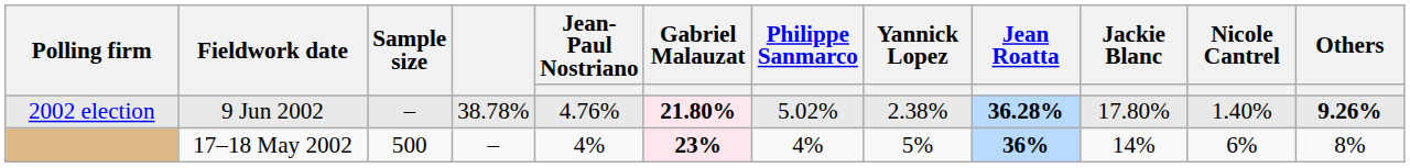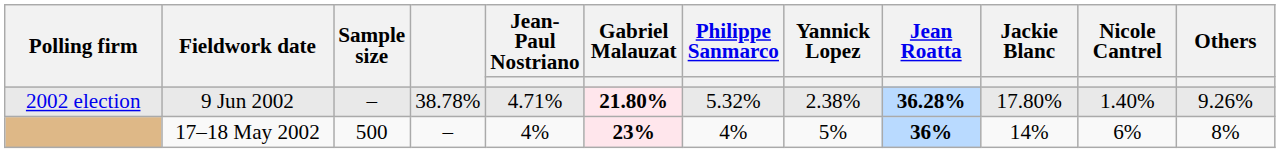 <table class="wikitable sortable" style="text-align:center;font-size:90%;line-height:14px;">
 <tr style="height:40px;">
 <th style="width:100px;" rowspan="2">Polling firm</th>
 <th style="width:110px;" rowspan="2">Fieldwork date</th>
 <th style="width:35px;" rowspan="2">Sample<br>size</th>
 <th style="width:30px;" rowspan="2"></th>
 <th class="unsortable" style="width:60px;">Jean-Paul Nostriano<br></th>
 <th class="unsortable" style="width:60px;">Gabriel Malauzat<br></th>
 <th class="unsortable" style="width:60px;"><a href='#'>Philippe Sanmarco</a><br></th>
 <th class="unsortable" style="width:60px;">Yannick Lopez<br></th>
 <th class="unsortable" style="width:60px;"><a href='#'>Jean Roatta</a><br></th>
 <th class="unsortable" style="width:60px;">Jackie Blanc<br></th>
 <th class="unsortable" style="width:60px;">Nicole Cantrel<br></th>
 <th class="unsortable" style="width:60px;">Others</th>
 </tr>
 <tr>
 <th style="background:"></th>
 <th style="background:"></th>
 <th style="background:"></th>
 <th style="background:"></th>
 <th style="background:"></th>
 <th style="background:"></th>
 <th style="background:"></th>
 <th style="background:"></th>
 </tr>
 <tr style="background:#E9E9E9;">
 <td><a href='#'>2002 election</a></td>
 <td data-sort-value="2002-06-09">9 Jun 2002</td>
 <td>–</td>
 <td>38.78%</td>
-<td>4.76%</td>
+<td>4.71%</td>
 <td style="background:#FFE6EC;"><strong>21.80%</strong></td>
-<td>5.02%</td>
+<td>5.32%</td>
 <td>2.38%</td>
 <td style="background:#B9DAFF;"><strong>36.28%</strong></td>
 <td>17.80%</td>
 <td>1.40%</td>
-<td><strong>9.26%</strong></td>
+<td>9.26%</td>
 </tr>
 <tr>
 <td style="background:burlywood;"></td>
 <td data-sort-value="2002-05-18">17–18 May 2002</td>
 <td>500</td>
 <td>–</td>
 <td>4%</td>
 <td style="background:#FFE6EC;"><strong>23%</strong></td>
 <td>4%</td>
 <td>5%</td>
 <td style="background:#B9DAFF;"><strong>36%</strong></td>
 <td>14%</td>
 <td>6%</td>
 <td>8%</td>
 </tr>
 </table>
